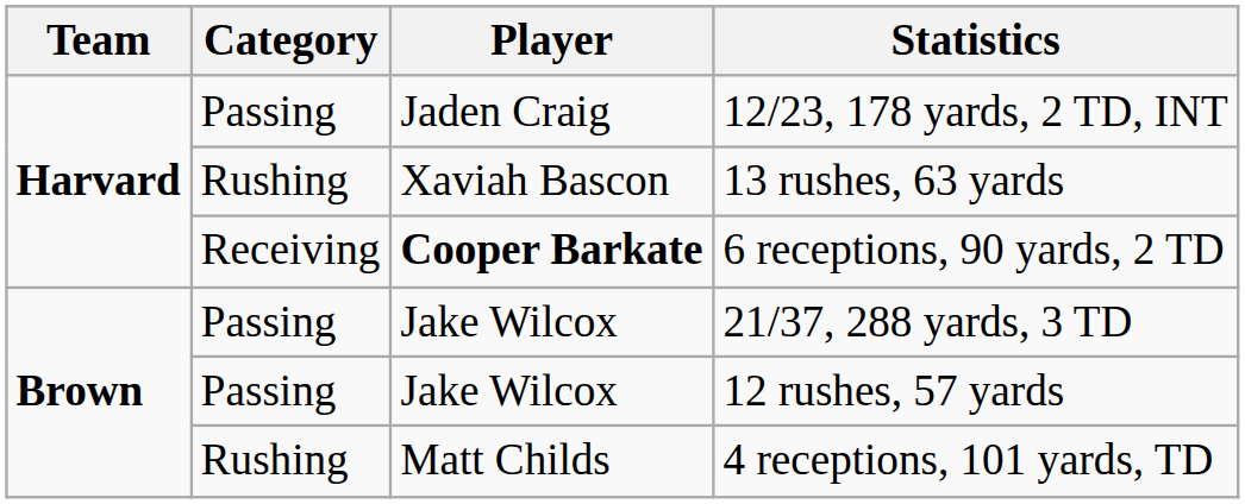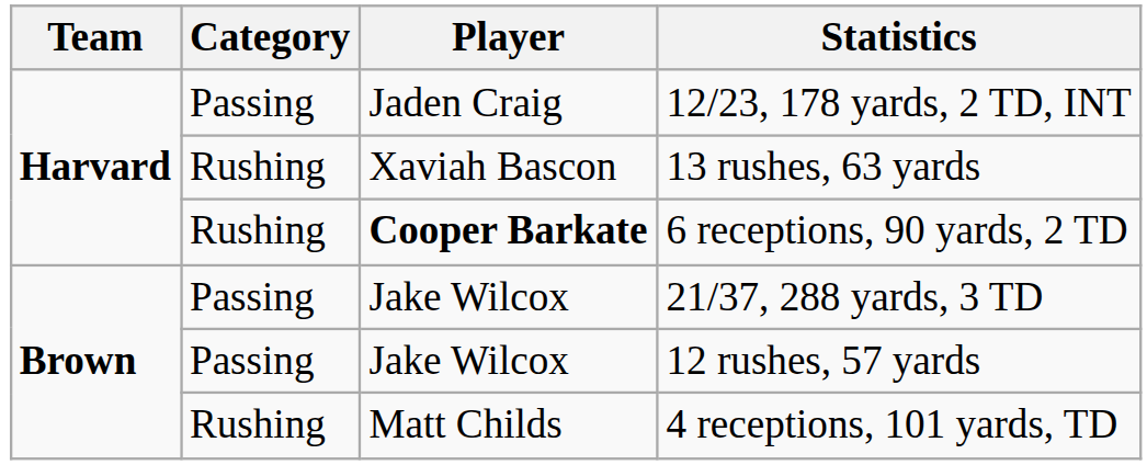 <table class="wikitable" style="float: right;">
 <tr>
 <th>Team</th>
 <th>Category</th>
 <th>Player</th>
 <th>Statistics</th>
 </tr>
 <tr>
 <td rowspan=3><strong>Harvard</strong></td>
 <td>Passing</td>
 <td>Jaden Craig</td>
 <td>12/23, 178 yards, 2 TD, INT</td>
 </tr>
 <tr>
 <td>Rushing</td>
 <td>Xaviah Bascon</td>
 <td>13 rushes, 63 yards</td>
 </tr>
 <tr>
-<td>Receiving</td>
+<td>Rushing</td>
 <td><strong>Cooper Barkate</strong></td>
 <td>6 receptions, 90 yards, 2 TD</td>
 </tr>
 <tr>
 <td rowspan=3><strong>Brown</strong></td>
 <td>Passing</td>
 <td>Jake Wilcox</td>
 <td>21/37, 288 yards, 3 TD</td>
 </tr>
 <tr>
 <td>Passing</td>
 <td>Jake Wilcox</td>
 <td>12 rushes, 57 yards</td>
 </tr>
 <tr>
 <td>Rushing</td>
 <td>Matt Childs</td>
 <td>4 receptions, 101 yards, TD</td>
 </tr>
 </table>
